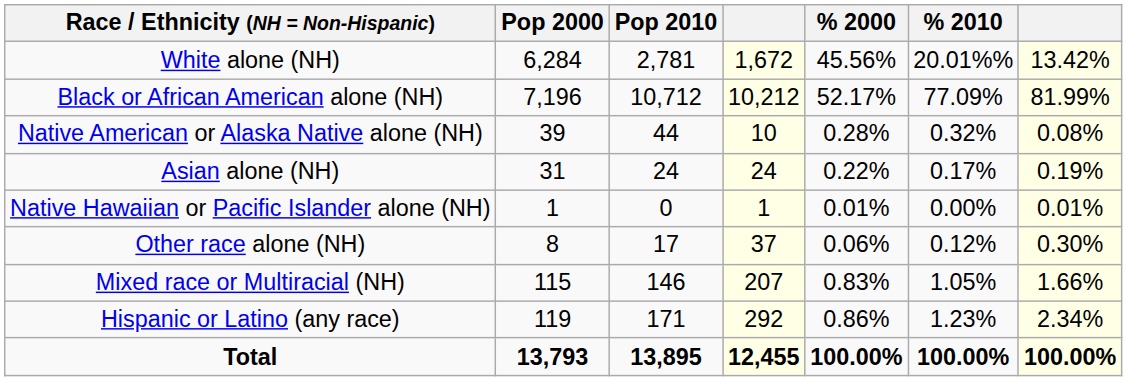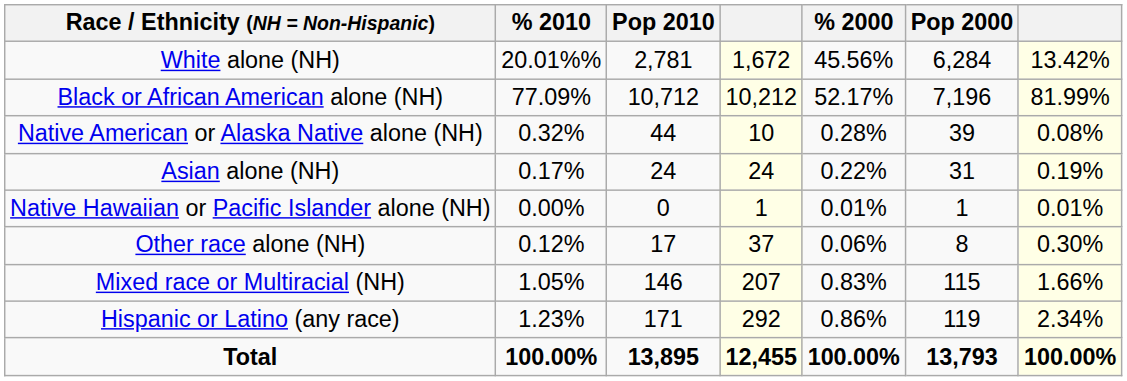 <table class="wikitable" style="text-align:center;">
 <tr>
 <th>Race / Ethnicity <small>(<em>NH = Non-Hispanic</em>)</small></th>
-<th>Pop 2000</th>
+<th>% 2010</th>
 <th>Pop 2010</th>
 <th></th>
 <th>% 2000</th>
-<th>% 2010</th>
+<th>Pop 2000</th>
 <th></th>
 </tr>
 <tr>
 <td><a href='#'>White</a> alone (NH)</td>
-<td>6,284</td>
+<td>20.01%%</td>
 <td>2,781</td>
 <td style='background: #ffffe6;'>1,672</td>
 <td>45.56%</td>
-<td>20.01%%</td>
+<td>6,284</td>
 <td style='background: #ffffe6;'>13.42%</td>
 </tr>
 <tr>
 <td><a href='#'>Black or African American</a> alone (NH)</td>
-<td>7,196</td>
+<td>77.09%</td>
 <td>10,712</td>
 <td style='background: #ffffe6;'>10,212</td>
 <td>52.17%</td>
-<td>77.09%</td>
+<td>7,196</td>
 <td style='background: #ffffe6;'>81.99%</td>
 </tr>
 <tr>
 <td><a href='#'>Native American</a> or <a href='#'>Alaska Native</a> alone (NH)</td>
-<td>39</td>
+<td>0.32%</td>
 <td>44</td>
 <td style='background: #ffffe6;'>10</td>
 <td>0.28%</td>
-<td>0.32%</td>
+<td>39</td>
 <td style='background: #ffffe6;'>0.08%</td>
 </tr>
 <tr>
 <td><a href='#'>Asian</a> alone (NH)</td>
-<td>31</td>
+<td>0.17%</td>
 <td>24</td>
 <td style='background: #ffffe6;'>24</td>
 <td>0.22%</td>
-<td>0.17%</td>
+<td>31</td>
 <td style='background: #ffffe6;'>0.19%</td>
 </tr>
 <tr>
 <td><a href='#'>Native Hawaiian</a> or <a href='#'>Pacific Islander</a> alone (NH)</td>
-<td>1</td>
+<td>0.00%</td>
 <td>0</td>
 <td style='background: #ffffe6;'>1</td>
 <td>0.01%</td>
-<td>0.00%</td>
+<td>1</td>
 <td style='background: #ffffe6;'>0.01%</td>
 </tr>
 <tr>
 <td><a href='#'>Other race</a> alone (NH)</td>
-<td>8</td>
+<td>0.12%</td>
 <td>17</td>
 <td style='background: #ffffe6;'>37</td>
 <td>0.06%</td>
-<td>0.12%</td>
+<td>8</td>
 <td style='background: #ffffe6;'>0.30%</td>
 </tr>
 <tr>
 <td><a href='#'>Mixed race or Multiracial</a> (NH)</td>
-<td>115</td>
+<td>1.05%</td>
 <td>146</td>
 <td style='background: #ffffe6;'>207</td>
 <td>0.83%</td>
-<td>1.05%</td>
+<td>115</td>
 <td style='background: #ffffe6;'>1.66%</td>
 </tr>
 <tr>
 <td><a href='#'>Hispanic or Latino</a> (any race)</td>
-<td>119</td>
+<td>1.23%</td>
 <td>171</td>
 <td style='background: #ffffe6;'>292</td>
 <td>0.86%</td>
-<td>1.23%</td>
+<td>119</td>
 <td style='background: #ffffe6;'>2.34%</td>
 </tr>
 <tr>
 <td><strong>Total</strong></td>
-<td><strong>13,793</strong></td>
+<td><strong>100.00%</strong></td>
 <td><strong>13,895</strong></td>
 <td style='background: #ffffe6;'><strong>12,455</strong></td>
 <td><strong>100.00%</strong></td>
-<td><strong>100.00%</strong></td>
+<td><strong>13,793</strong></td>
 <td style='background: #ffffe6;'><strong>100.00%</strong></td>
 </tr>
 </table>
